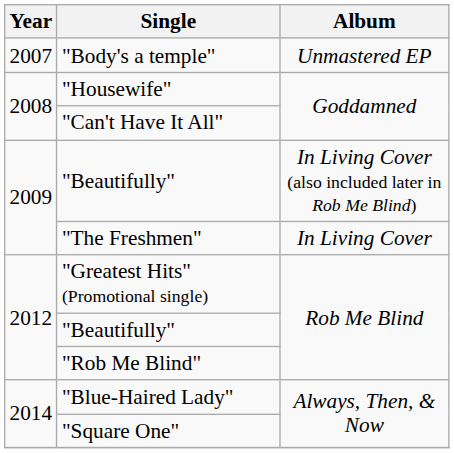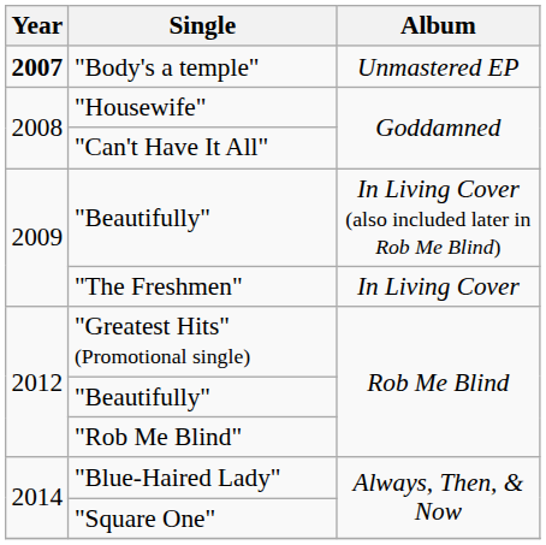 <table class="wikitable">
 <tr>
 <th align="center" rowspan="1" width="10">Year</th>
 <th align="center" rowspan="1" width="160">Single</th>
 <th align="center" rowspan="1" width="120">Album</th>
 </tr>
 <tr>
-<td style="text-align:center;">2007</td>
+<td style="text-align:center;"><strong>2007</strong></td>
 <td>"Body's a temple"</td>
 <td style="text-align:center;"><em>Unmastered EP</em></td>
 </tr>
 <tr>
 <td style="text-align:center;" rowspan=2>2008</td>
 <td>"Housewife"</td>
 <td style="text-align:center;" rowspan=2><em>Goddamned</em></td>
 </tr>
 <tr>
 <td>"Can't Have It All"</td>
 </tr>
 <tr>
 <td style="text-align:center;" rowspan=2>2009</td>
 <td>"Beautifully"</td>
 <td style="text-align:center;" rowspan=1><em>In Living Cover</em> <br><small>(also included later in <em>Rob Me Blind</em>)</small></td>
 </tr>
 <tr>
 <td>"The Freshmen"</td>
 <td style="text-align:center;" rowspan=1><em>In Living Cover</em></td>
 </tr>
 <tr>
 <td style="text-align:center;" rowspan=3>2012</td>
 <td>"Greatest Hits" <small>(Promotional single)</small></td>
 <td style="text-align:center;" rowspan=3><em>Rob Me Blind</em></td>
 </tr>
 <tr>
 <td>"Beautifully"</td>
 </tr>
 <tr>
 <td>"Rob Me Blind"</td>
 </tr>
 <tr>
 <td style="text-align:center;" rowspan=2>2014</td>
 <td>"Blue-Haired Lady"</td>
 <td style="text-align:center;" rowspan=2><em>Always, Then, & Now</em></td>
 </tr>
 <tr>
 <td>"Square One"</td>
 </tr>
 <tr>
 </tr>
 </table>
